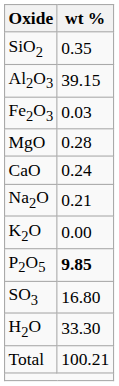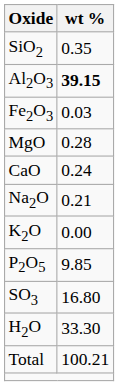 <table Class="wikitable">
 <tr>
 <th>Oxide</th>
 <th>wt %</th>
 </tr>
 <tr>
 <td>SiO<sub>2</sub></td>
 <td>0.35</td>
 </tr>
 <tr>
 <td>Al<sub>2</sub>O<sub>3</sub></td>
-<td>39.15</td>
+<td><strong>39.15</strong></td>
 </tr>
 <tr>
 <td>Fe<sub>2</sub>O<sub>3</sub></td>
 <td>0.03</td>
 </tr>
 <tr>
 <td>MgO</td>
 <td>0.28</td>
 </tr>
 <tr>
 <td>CaO</td>
 <td>0.24</td>
 </tr>
 <tr>
 <td>Na<sub>2</sub>O</td>
 <td>0.21</td>
 </tr>
 <tr>
 <td>K<sub>2</sub>O</td>
 <td>0.00</td>
 </tr>
 <tr>
 <td>P<sub>2</sub>O<sub>5</sub></td>
-<td><strong>9.85</strong></td>
+<td>9.85</td>
 </tr>
 <tr>
 <td>SO<sub>3</sub></td>
 <td>16.80</td>
 </tr>
 <tr>
 <td>H<sub>2</sub>O</td>
 <td>33.30</td>
 </tr>
 <tr>
 <td>Total</td>
 <td>100.21</td>
 </tr>
 <tr>
 <td colspan="2" style="text-align:center;"></td>
 </tr>
 </table>
